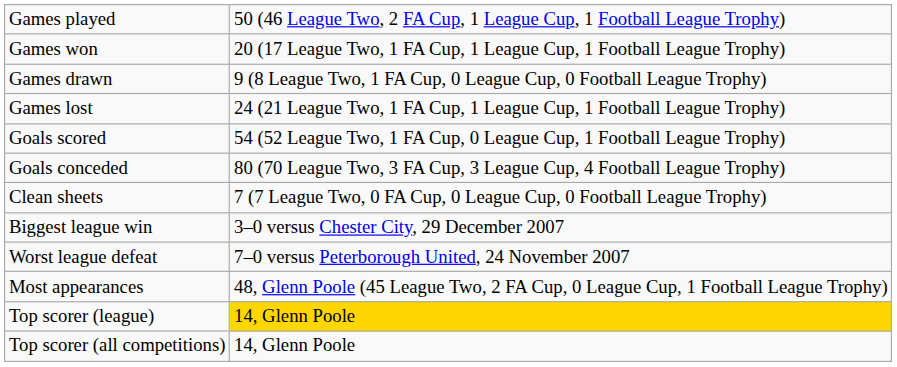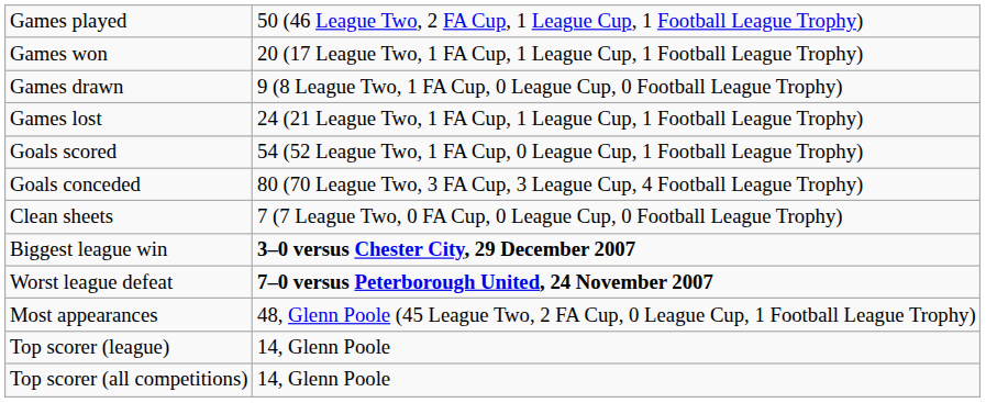 <table class="wikitable">
 <tr>
 <td>Games played</td>
 <td>50 (46 <a href='#'>League Two</a>, 2 <a href='#'>FA Cup</a>, 1 <a href='#'>League Cup</a>, 1 <a href='#'>Football League Trophy</a>)</td>
 </tr>
 <tr>
 <td>Games won</td>
 <td>20 (17 League Two, 1 FA Cup, 1 League Cup, 1 Football League Trophy)</td>
 </tr>
 <tr>
 <td>Games drawn</td>
 <td>9 (8 League Two, 1 FA Cup, 0 League Cup, 0 Football League Trophy)</td>
 </tr>
 <tr>
 <td>Games lost</td>
 <td>24 (21 League Two, 1 FA Cup, 1 League Cup, 1 Football League Trophy)</td>
 </tr>
 <tr>
 <td>Goals scored</td>
 <td>54 (52 League Two, 1 FA Cup, 0 League Cup, 1 Football League Trophy)</td>
 </tr>
 <tr>
 <td>Goals conceded</td>
 <td>80 (70 League Two, 3 FA Cup, 3 League Cup, 4 Football League Trophy)</td>
 </tr>
 <tr>
 <td>Clean sheets</td>
 <td>7 (7 League Two, 0 FA Cup, 0 League Cup, 0 Football League Trophy)</td>
 </tr>
 <tr>
 <td>Biggest league win</td>
-<td>3–0 versus <a href='#'>Chester City</a>, 29 December 2007</td>
+<td><strong>3–0 versus <a href='#'>Chester City</a>, 29 December 2007</strong></td>
 </tr>
 <tr>
 <td>Worst league defeat</td>
-<td>7–0 versus <a href='#'>Peterborough United</a>, 24 November 2007</td>
+<td><strong>7–0 versus <a href='#'>Peterborough United</a>, 24 November 2007</strong></td>
 </tr>
 <tr>
 <td>Most appearances</td>
 <td>48, <a href='#'>Glenn Poole</a> (45 League Two, 2 FA Cup, 0 League Cup, 1 Football League Trophy)</td>
 </tr>
 <tr>
 <td>Top scorer (league)</td>
-<td style="background: gold;">14, Glenn Poole</td>
+<td>14, Glenn Poole</td>
 </tr>
 <tr>
 <td>Top scorer (all competitions)</td>
 <td>14, Glenn Poole</td>
 </tr>
 </table>
